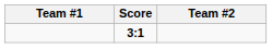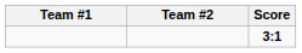 <table class="wikitable" style="text-align:center;">
 <tr>
 <th width=140>Team #1</th>
+<th width=140>Team #2</th>
 <th width=50>Score</th>
-<th width=140>Team #2</th>
 </tr>
 <tr>
 <td style="text-align:right;"></td>
+<td style="text-align:left;"></td>
 <td><strong>3:1</strong></td>
-<td style="text-align:left;"></td>
 </tr>
 </table>
